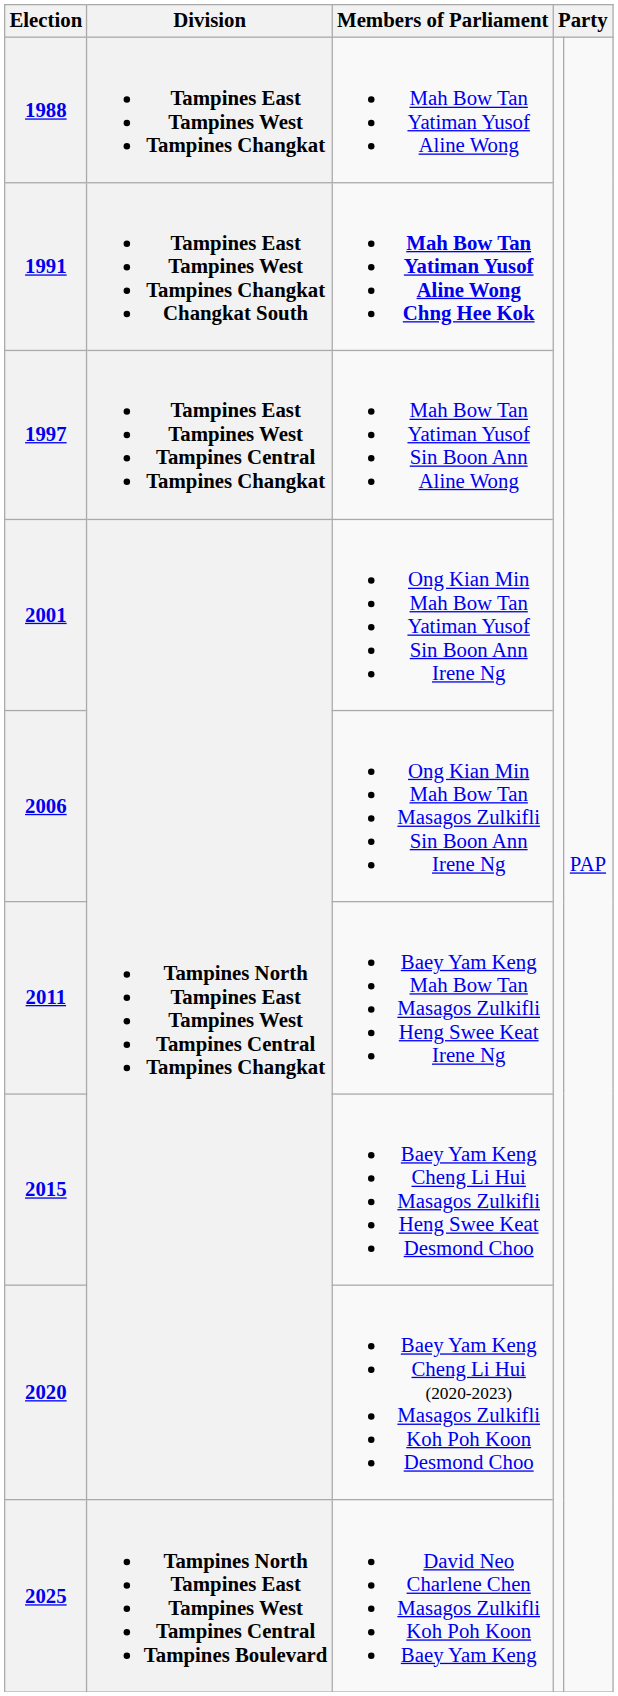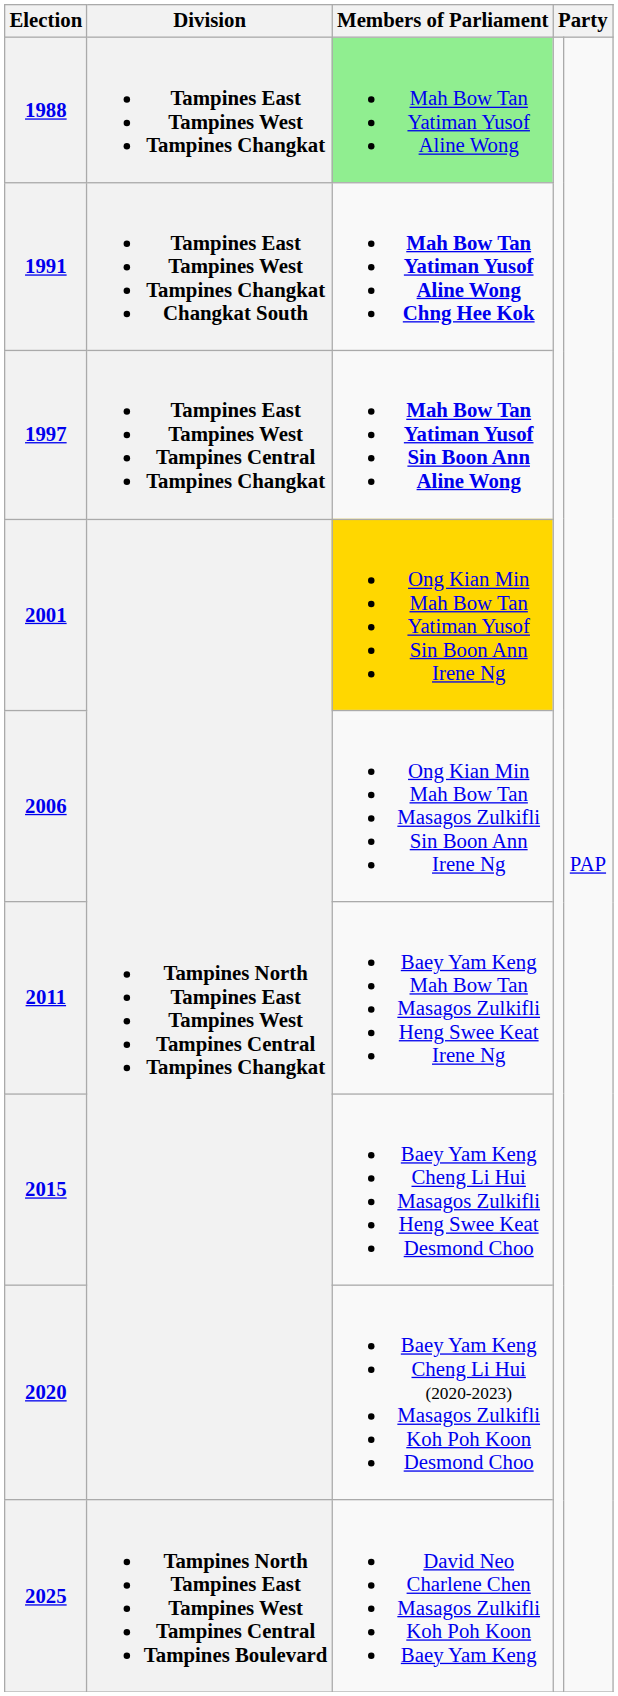 <table class="wikitable" align="center" style="text-align:center">
 <tr>
 <th>Election</th>
 <th>Division</th>
 <th>Members of Parliament</th>
 <th colspan="2">Party</th>
 </tr>
 <tr>
 <th><a href='#'>1988</a></th>
 <th><br><ul><li>Tampines East</li><li>Tampines West</li><li>Tampines Changkat</li></ul></th>
-<td><br><ul><li><a href='#'>Mah Bow Tan</a></li><li><a href='#'>Yatiman Yusof</a></li><li><a href='#'>Aline Wong</a></li></ul></td>
+<td style="background: lightgreen;"><br><ul><li><a href='#'>Mah Bow Tan</a></li><li><a href='#'>Yatiman Yusof</a></li><li><a href='#'>Aline Wong</a></li></ul></td>
 <td rowspan="9"></td>
 <td rowspan="9"><a href='#'>PAP</a></td>
 </tr>
 <tr>
 <th><a href='#'>1991</a></th>
 <th><br><ul><li>Tampines East</li><li>Tampines West</li><li>Tampines Changkat</li><li>Changkat South</li></ul></th>
 <td><strong><br><ul><li><a href='#'>Mah Bow Tan</a></li><li><a href='#'>Yatiman Yusof</a></li><li><a href='#'>Aline Wong</a></li><li><a href='#'>Chng Hee Kok</a></li></ul></strong></td>
 </tr>
 <tr>
 <th><a href='#'>1997</a></th>
 <th><br><ul><li>Tampines East</li><li>Tampines West</li><li>Tampines Central</li><li>Tampines Changkat</li></ul></th>
-<td><br><ul><li><a href='#'>Mah Bow Tan</a></li><li><a href='#'>Yatiman Yusof</a></li><li><a href='#'>Sin Boon Ann</a></li><li><a href='#'>Aline Wong</a></li></ul></td>
+<td><strong><br><ul><li><a href='#'>Mah Bow Tan</a></li><li><a href='#'>Yatiman Yusof</a></li><li><a href='#'>Sin Boon Ann</a></li><li><a href='#'>Aline Wong</a></li></ul></strong></td>
 </tr>
 <tr>
 <th><a href='#'>2001</a></th>
 <th rowspan=5><br><ul><li>Tampines North</li><li>Tampines East</li><li>Tampines West</li><li>Tampines Central</li><li>Tampines Changkat</li></ul></th>
-<td><br><ul><li><a href='#'>Ong Kian Min</a></li><li><a href='#'>Mah Bow Tan</a></li><li><a href='#'>Yatiman Yusof</a></li><li><a href='#'>Sin Boon Ann</a></li><li><a href='#'>Irene Ng</a></li></ul></td>
+<td style="background: gold;"><br><ul><li><a href='#'>Ong Kian Min</a></li><li><a href='#'>Mah Bow Tan</a></li><li><a href='#'>Yatiman Yusof</a></li><li><a href='#'>Sin Boon Ann</a></li><li><a href='#'>Irene Ng</a></li></ul></td>
 </tr>
 <tr>
 <th><a href='#'>2006</a></th>
 <td><br><ul><li><a href='#'>Ong Kian Min</a></li><li><a href='#'>Mah Bow Tan</a></li><li><a href='#'>Masagos Zulkifli</a></li><li><a href='#'>Sin Boon Ann</a></li><li><a href='#'>Irene Ng</a></li></ul></td>
 </tr>
 <tr>
 <th><a href='#'>2011</a></th>
 <td><br><ul><li><a href='#'>Baey Yam Keng</a></li><li><a href='#'>Mah Bow Tan</a></li><li><a href='#'>Masagos Zulkifli</a></li><li><a href='#'>Heng Swee Keat</a></li><li><a href='#'>Irene Ng</a></li></ul></td>
 </tr>
 <tr>
 <th><a href='#'>2015</a></th>
 <td><br><ul><li><a href='#'>Baey Yam Keng</a></li><li><a href='#'>Cheng Li Hui</a></li><li><a href='#'>Masagos Zulkifli</a></li><li><a href='#'>Heng Swee Keat</a></li><li><a href='#'>Desmond Choo</a></li></ul></td>
 </tr>
 <tr>
 <th><a href='#'>2020</a></th>
 <td><br><ul><li><a href='#'>Baey Yam Keng</a></li><li><a href='#'>Cheng Li Hui</a><br><small>(2020-2023)</small></li><li><a href='#'>Masagos Zulkifli</a></li><li><a href='#'>Koh Poh Koon</a></li><li><a href='#'>Desmond Choo</a></li></ul></td>
 </tr>
 <tr>
 <th><a href='#'>2025</a></th>
 <th><br><ul><li>Tampines North</li><li>Tampines East</li><li>Tampines West</li><li>Tampines Central</li><li>Tampines Boulevard</li></ul></th>
 <td><br><ul><li><a href='#'>David Neo</a></li><li><a href='#'>Charlene Chen</a></li><li><a href='#'>Masagos Zulkifli</a></li><li><a href='#'>Koh Poh Koon</a></li><li><a href='#'>Baey Yam Keng</a></li></ul></td>
 </tr>
 </table>
